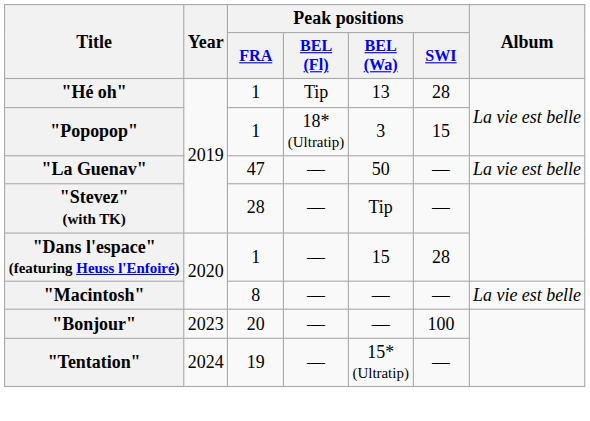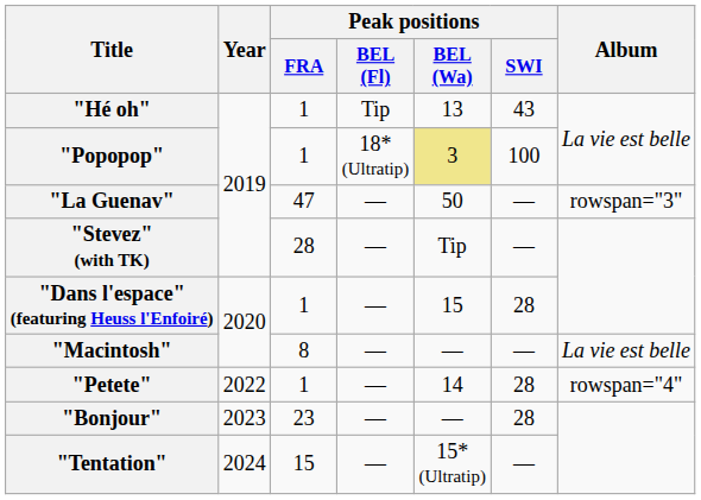 <table class="wikitable plainrowheaders" style="text-align:center">
 <tr>
 <th scope="col" rowspan="2">Title</th>
 <th scope="col" rowspan="2">Year</th>
 <th scope="col" colspan="4">Peak positions</th>
 <th scope="col" rowspan="2">Album</th>
 </tr>
 <tr>
 <th scope="col" style="width:3em;font-size:90%;"><a href='#'>FRA</a><br></th>
 <th scope="col" style="width:3em;font-size:90%;"><a href='#'>BEL <br>(Fl)</a><br></th>
 <th scope="col" style="width:3em;font-size:90%;"><a href='#'>BEL <br>(Wa)</a><br></th>
 <th scope="col" style="width:3em;font-size:90%;"><a href='#'>SWI</a><br></th>
 </tr>
 <tr>
 <th scope="row">"Hé oh"</th>
 <td rowspan=4>2019</td>
 <td>1</td>
 <td>Tip</td>
 <td>13</td>
-<td>28</td>
+<td>43</td>
 <td rowspan="2"><em>La vie est belle</em></td>
 </tr>
 <tr>
 <th scope="row">"Popopop"</th>
 <td>1</td>
 <td>18*<br><small>(Ultratip)</small></td>
-<td>3</td>
-<td>15</td>
+<td style="background: khaki;">3</td>
+<td>100</td>
 </tr>
 <tr>
 <th scope="row">"La Guenav"</th>
 <td>47</td>
 <td>—</td>
 <td>50</td>
 <td>—</td>
-<td><em>La vie est belle</em></td>
+<td>rowspan="3" </td>
 </tr>
 <tr>
 <th scope="row">"Stevez"<br><small>(with TK)</small></th>
 <td>28</td>
 <td>—</td>
 <td>Tip</td>
 <td>—</td>
 </tr>
 <tr>
 <th scope="row">"Dans l'espace"<br><small>(featuring <a href='#'>Heuss l'Enfoiré</a>)</small></th>
 <td rowspan=2>2020</td>
 <td>1</td>
 <td>—</td>
 <td>15</td>
 <td>28</td>
 </tr>
 <tr>
 <th scope="row">"Macintosh"</th>
 <td>8</td>
 <td>—</td>
 <td>—</td>
 <td>—</td>
 <td><em>La vie est belle</em></td>
 </tr>
 <tr>
+<th scope="row">"Petete"</th>
+<td>2022</td>
+<td>1</td>
+<td>—</td>
+<td>14</td>
+<td>28</td>
+<td>rowspan="4" </td>
+</tr>
+<tr>
 <th scope="row">"Bonjour"<br></th>
 <td>2023</td>
-<td>20</td>
+<td>23</td>
 <td>—</td>
 <td>—</td>
-<td>100</td>
+<td>28</td>
 </tr>
 <tr>
 <th scope="row">"Tentation"<br></th>
 <td>2024</td>
-<td>19</td>
+<td>15</td>
 <td>—</td>
 <td>15*<br><small>(Ultratip)</small></td>
 <td>—</td>
 </tr>
 </table>
